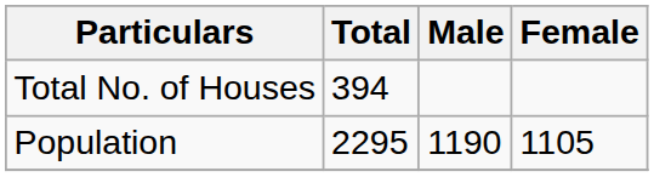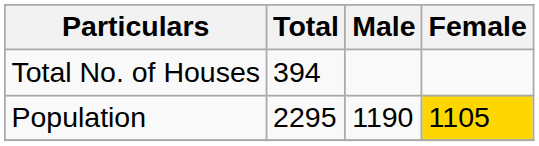 <table class="wikitable sortable">
 <tr>
 <th>Particulars</th>
 <th>Total</th>
 <th>Male</th>
 <th>Female</th>
 </tr>
 <tr>
 <td>Total No. of Houses</td>
 <td>394</td>
 <td></td>
 <td></td>
 </tr>
 <tr>
 <td>Population</td>
 <td>2295</td>
 <td>1190</td>
-<td>1105</td>
+<td style="background: gold;">1105</td>
 </tr>
 <tr>
 </tr>
 </table>
